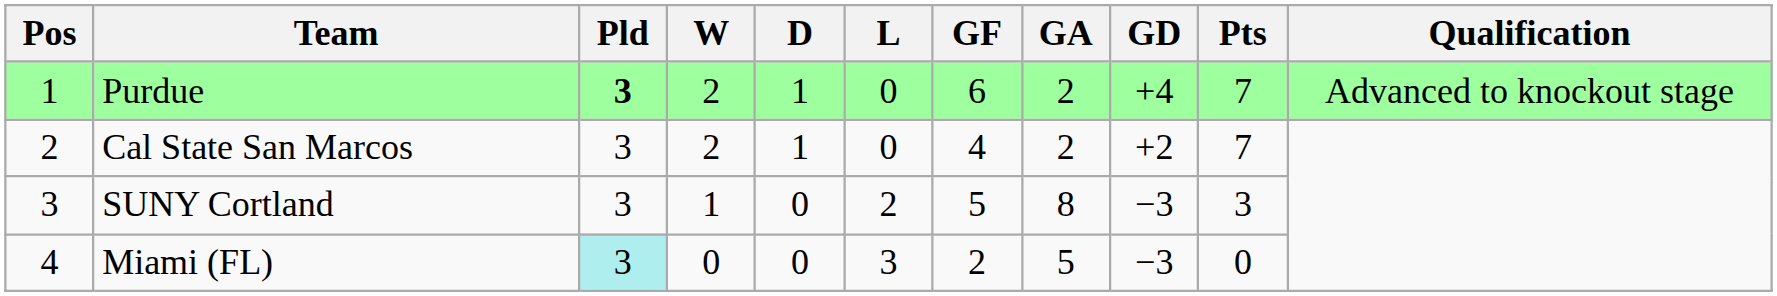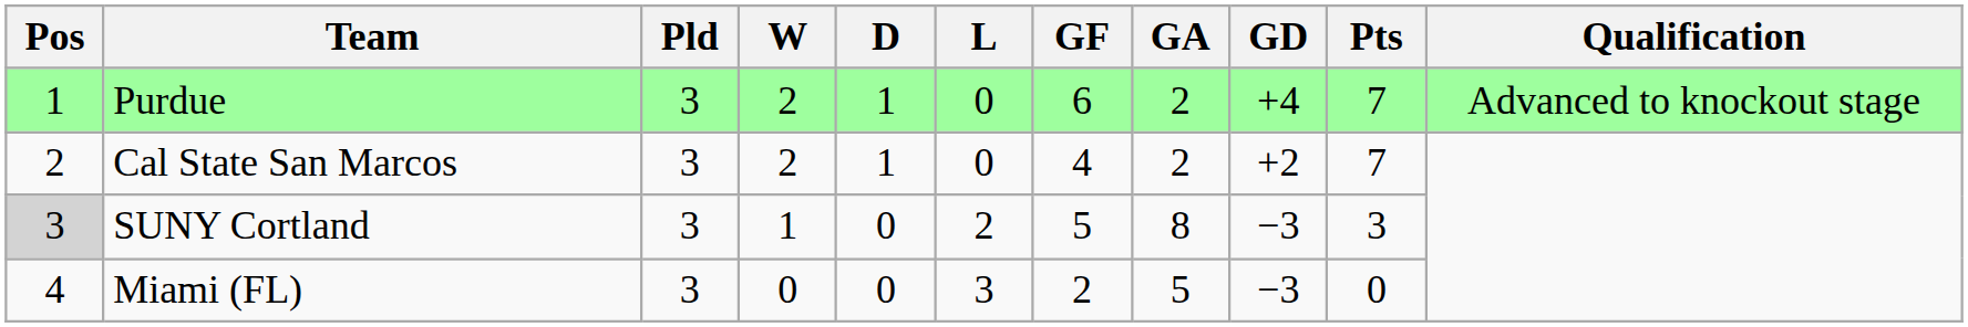 <table class="wikitable" style="text-align:center; margin: 1em auto">
 <tr>
 <th style=width:2em>Pos</th>
 <th style=width:13em>Team</th>
 <th style=width:2em>Pld</th>
 <th style=width:2em>W</th>
 <th style=width:2em>D</th>
 <th style=width:2em>L</th>
 <th style=width:2em>GF</th>
 <th style=width:2em>GA</th>
 <th style=width:2em>GD</th>
 <th style=width:2em>Pts</th>
 <th style=width:13em>Qualification</th>
 </tr>
 <tr bgcolor="#9eff9e">
 <td>1</td>
 <td style="text-align:left">Purdue</td>
-<td><strong>3</strong></td>
+<td>3</td>
 <td>2</td>
 <td>1</td>
 <td>0</td>
 <td>6</td>
 <td>2</td>
 <td>+4</td>
 <td>7</td>
 <td>Advanced to knockout stage</td>
 </tr>
 <tr>
 <td>2</td>
 <td style="text-align:left">Cal State San Marcos</td>
 <td>3</td>
 <td>2</td>
 <td>1</td>
 <td>0</td>
 <td>4</td>
 <td>2</td>
 <td>+2</td>
 <td>7</td>
 </tr>
 <tr>
-<td>3</td>
+<td style="background: lightgrey;">3</td>
 <td style="text-align:left">SUNY Cortland</td>
 <td>3</td>
 <td>1</td>
 <td>0</td>
 <td>2</td>
 <td>5</td>
 <td>8</td>
 <td>−3</td>
 <td>3</td>
 </tr>
 <tr>
 <td>4</td>
 <td style="text-align:left">Miami (FL)</td>
-<td style="background: paleturquoise;">3</td>
+<td>3</td>
 <td>0</td>
 <td>0</td>
 <td>3</td>
 <td>2</td>
 <td>5</td>
 <td>−3</td>
 <td>0</td>
 </tr>
 </table>
